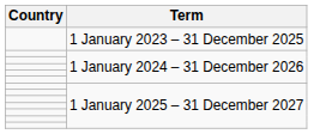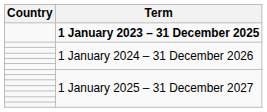 <table class="wikitable">
 <tr>
 <th>Country</th>
 <th>Term</th>
 </tr>
 <tr>
 <td></td>
-<td>1 January 2023 – 31 December 2025</td>
+<td><strong>1 January 2023 – 31 December 2025</strong></td>
 </tr>
 <tr>
 <td></td>
 <td rowspan="5">1 January 2024 – 31 December 2026</td>
 </tr>
 <tr>
 <td></td>
 </tr>
 <tr>
 <td></td>
 </tr>
 <tr>
 <td></td>
 </tr>
 <tr>
 <td></td>
 </tr>
 <tr>
 <td></td>
 <td rowspan="7">1 January 2025 – 31 December 2027</td>
 </tr>
 <tr>
 <td></td>
 </tr>
 <tr>
 <td></td>
 </tr>
 <tr>
 <td></td>
 </tr>
 <tr>
 <td></td>
 </tr>
 <tr>
 <td></td>
 </tr>
 <tr>
 <td></td>
 </tr>
 </table>
